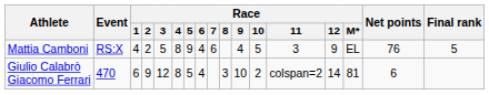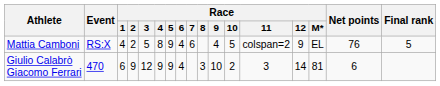 <table class="wikitable" style="font-size:90%">
 <tr>
 <th rowspan="2">Athlete</th>
 <th rowspan="2">Event</th>
 <th colspan=13>Race</th>
 <th rowspan=2>Net points</th>
 <th rowspan=2>Final rank</th>
 </tr>
 <tr style="font-size:95%">
 <th>1</th>
 <th>2</th>
 <th>3</th>
 <th>4</th>
 <th>5</th>
 <th>6</th>
 <th>7</th>
 <th>8</th>
 <th>9</th>
 <th>10</th>
 <th>11</th>
 <th>12</th>
 <th>M*</th>
 </tr>
 <tr align=center>
 <td align=left><a href='#'>Mattia Camboni</a></td>
 <td align=left><a href='#'>RS:X</a></td>
 <td>4</td>
 <td>2</td>
 <td>5</td>
 <td>8</td>
 <td>9</td>
 <td>4</td>
 <td>6</td>
 <td></td>
 <td>4</td>
 <td>5</td>
-<td>3</td>
+<td>colspan=2 </td>
 <td>9</td>
 <td>EL</td>
 <td>76</td>
 <td>5</td>
 </tr>
 <tr align=center>
 <td align=left><a href='#'>Giulio Calabrò</a><br><a href='#'>Giacomo Ferrari</a></td>
 <td align=left><a href='#'>470</a></td>
 <td>6</td>
 <td>9</td>
 <td>12</td>
-<td>8</td>
-<td>5</td>
+<td>9</td>
+<td>9</td>
 <td>4</td>
 <td></td>
 <td>3</td>
 <td>10</td>
 <td>2</td>
-<td>colspan=2 </td>
+<td>3</td>
 <td>14</td>
 <td>81</td>
 <td>6</td>
 </tr>
 </table>
